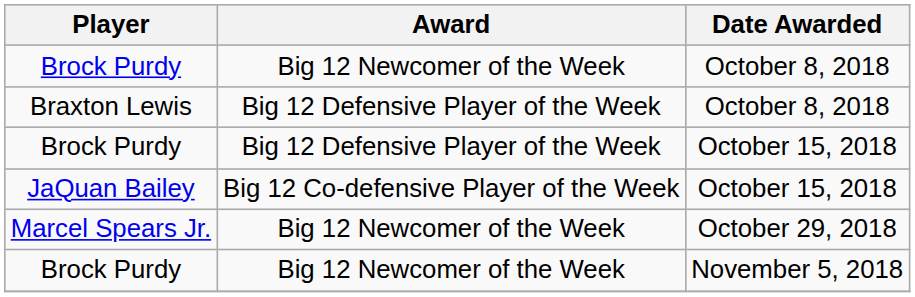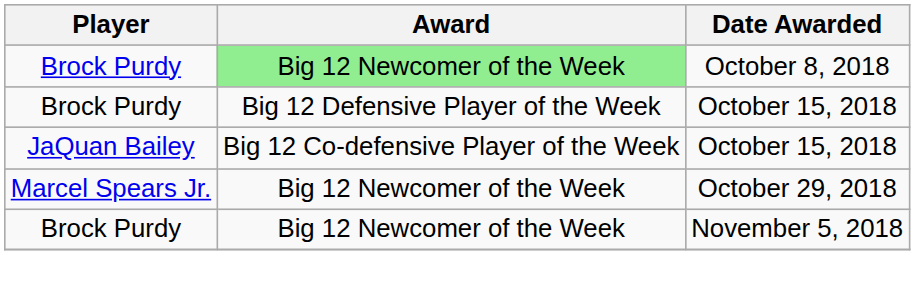 <table class="wikitable" style="text-align: center">
 <tr align=center>
 <th>Player</th>
 <th>Award</th>
 <th>Date Awarded</th>
 </tr>
 <tr>
 <td><a href='#'>Brock Purdy</a></td>
-<td>Big 12 Newcomer of the Week</td>
-<td>October 8, 2018</td>
-</tr>
-<tr>
-<td>Braxton Lewis</td>
-<td>Big 12 Defensive Player of the Week</td>
+<td style="background: lightgreen;">Big 12 Newcomer of the Week</td>
 <td>October 8, 2018</td>
 </tr>
 <tr>
 <td>Brock Purdy</td>
 <td>Big 12 Defensive Player of the Week</td>
 <td>October 15, 2018</td>
 </tr>
 <tr>
 <td><a href='#'>JaQuan Bailey</a></td>
 <td>Big 12 Co-defensive Player of the Week</td>
 <td>October 15, 2018</td>
 </tr>
 <tr>
 <td><a href='#'>Marcel Spears Jr.</a></td>
 <td>Big 12 Newcomer of the Week</td>
 <td>October 29, 2018</td>
 </tr>
 <tr>
 <td>Brock Purdy</td>
 <td>Big 12 Newcomer of the Week</td>
 <td>November 5, 2018</td>
 </tr>
 <tr>
 </tr>
 </table>
